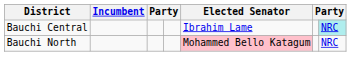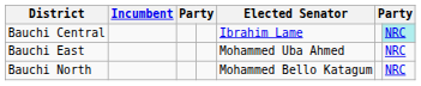 <table class="sortable wikitable" style="font-size:95%;line-height:14px;">
 <tr>
 <th class="unsortable">District</th>
 <th class="unsortable"><a href='#'>Incumbent</a></th>
 <th colspan="2">Party</th>
 <th class="unsortable">Elected Senator</th>
 <th colspan="2">Party</th>
 </tr>
 <tr>
 <td>Bauchi Central</td>
 <td></td>
 <td></td>
 <td></td>
 <td><a href='#'>Ibrahim Lame</a></td>
 <td style="background:"></td>
 <td style="background: paleturquoise;"><a href='#'>NRC</a></td>
 </tr>
 <tr>
+<td>Bauchi East</td>
+<td></td>
+<td></td>
+<td></td>
+<td>Mohammed Uba Ahmed</td>
+<td style="background:"></td>
+<td><a href='#'>NRC</a></td>
+</tr>
+<tr>
 <td>Bauchi North</td>
 <td></td>
 <td></td>
 <td></td>
-<td style="background: pink;">Mohammed Bello Katagum</td>
+<td>Mohammed Bello Katagum</td>
 <td style="background:"></td>
 <td><a href='#'>NRC</a></td>
 </tr>
 </table>
